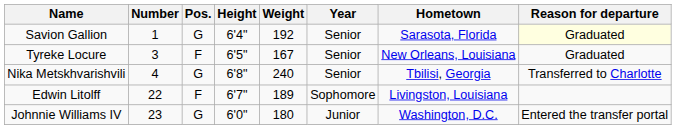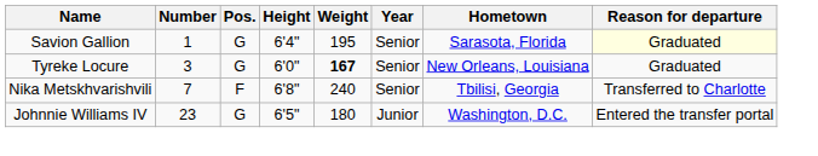 <table class="wikitable sortable" style="text-align:center">
 <tr align=center>
 <th>Name</th>
 <th>Number</th>
 <th>Pos.</th>
 <th>Height</th>
 <th>Weight</th>
 <th>Year</th>
 <th>Hometown</th>
 <th class="unsortable">Reason for departure</th>
 </tr>
 <tr>
 <td>Savion Gallion</td>
 <td>1</td>
 <td>G</td>
 <td>6'4"</td>
-<td>192</td>
+<td>195</td>
 <td>Senior</td>
 <td><a href='#'>Sarasota, Florida</a></td>
 <td style="background: lightyellow;">Graduated</td>
 </tr>
 <tr>
 <td>Tyreke Locure</td>
 <td>3</td>
-<td>F</td>
-<td>6'5"</td>
-<td>167</td>
+<td>G</td>
+<td>6'0"</td>
+<td><strong>167</strong></td>
 <td>Senior</td>
 <td><a href='#'>New Orleans, Louisiana</a></td>
 <td>Graduated</td>
 </tr>
 <tr>
 <td>Nika Metskhvarishvili</td>
-<td>4</td>
-<td>G</td>
+<td>7</td>
+<td>F</td>
 <td>6'8"</td>
 <td>240</td>
 <td>Senior</td>
 <td><a href='#'>Tbilisi</a>, <a href='#'>Georgia</a></td>
 <td>Transferred to <a href='#'>Charlotte</a></td>
 </tr>
 <tr>
-<td>Edwin Litolff</td>
-<td>22</td>
-<td>F</td>
-<td>6'7"</td>
-<td>189</td>
-<td>Sophomore</td>
-<td><a href='#'>Livingston, Louisiana</a></td>
-<td></td>
-</tr>
-<tr>
 <td>Johnnie Williams IV</td>
 <td>23</td>
 <td>G</td>
-<td>6'0"</td>
+<td>6'5"</td>
 <td>180</td>
 <td>Junior</td>
 <td><a href='#'>Washington, D.C.</a></td>
 <td>Entered the transfer portal</td>
 </tr>
 </table>
